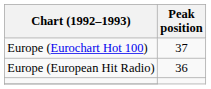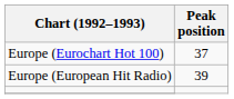 <table class="wikitable sortable">
 <tr>
 <th>Chart (1992–1993)</th>
 <th>Peak<br>position</th>
 </tr>
 <tr>
 <td>Europe (<a href='#'>Eurochart Hot 100</a>)</td>
 <td align="center">37</td>
 </tr>
 <tr>
 <td>Europe (European Hit Radio)</td>
-<td align="center">36</td>
+<td align="center">39</td>
 </tr>
 <tr>
 <td></td>
 </tr>
 <tr>
 </tr>
 <tr>
 </tr>
 </table>
